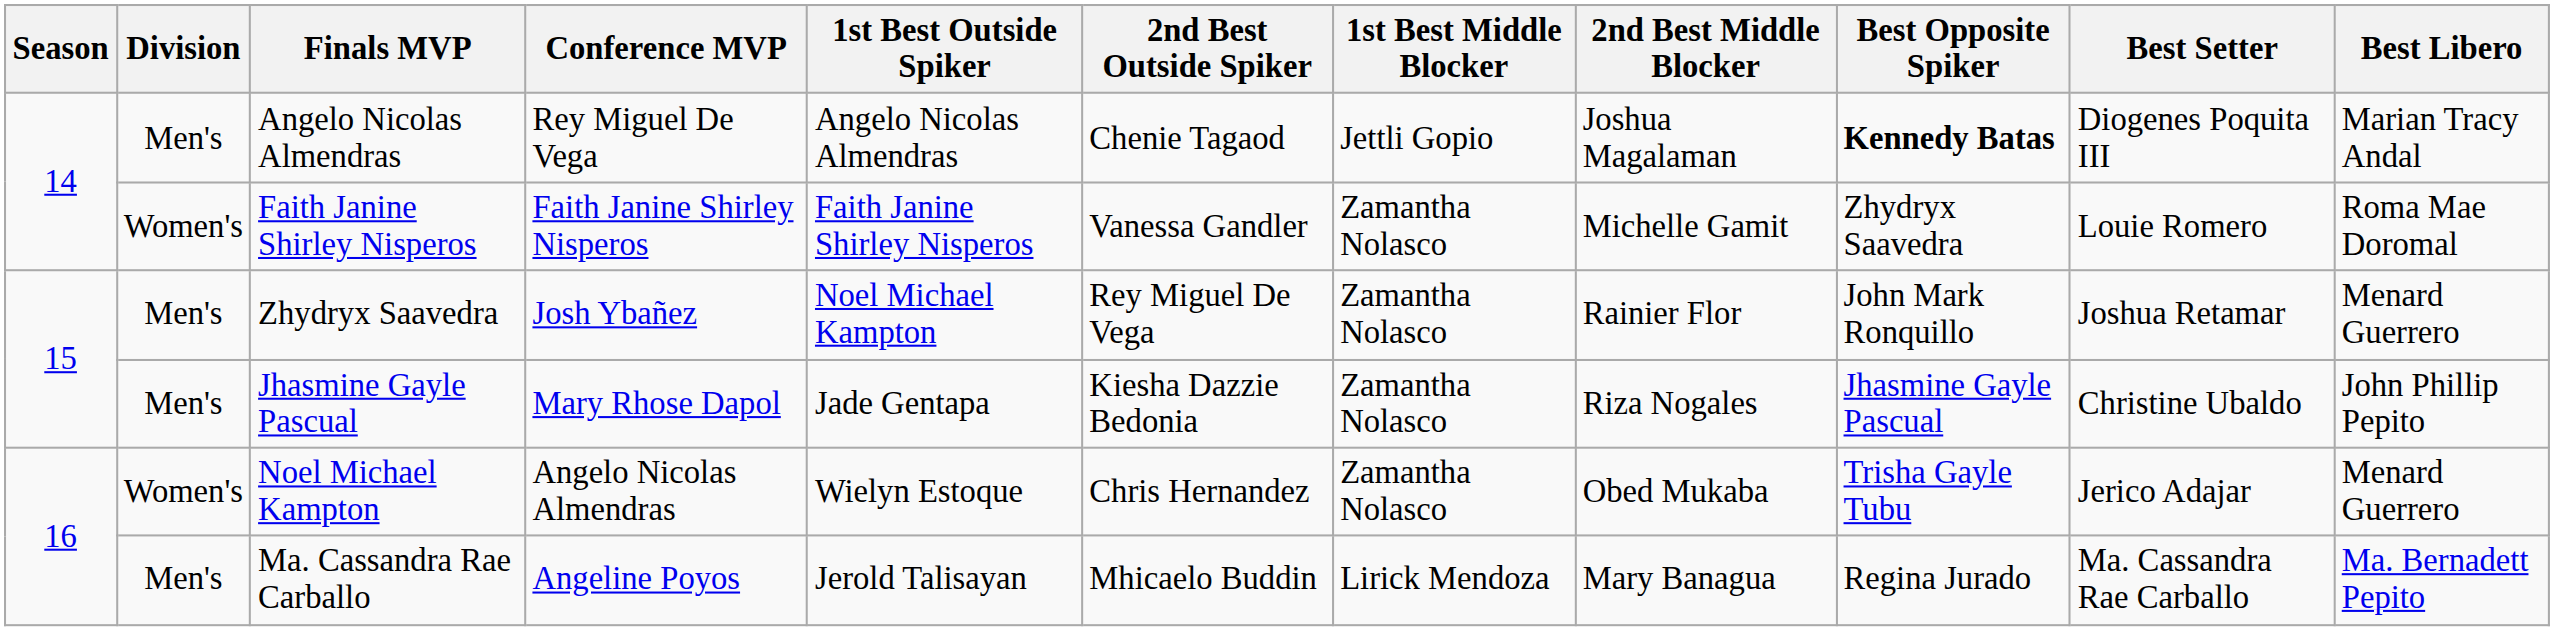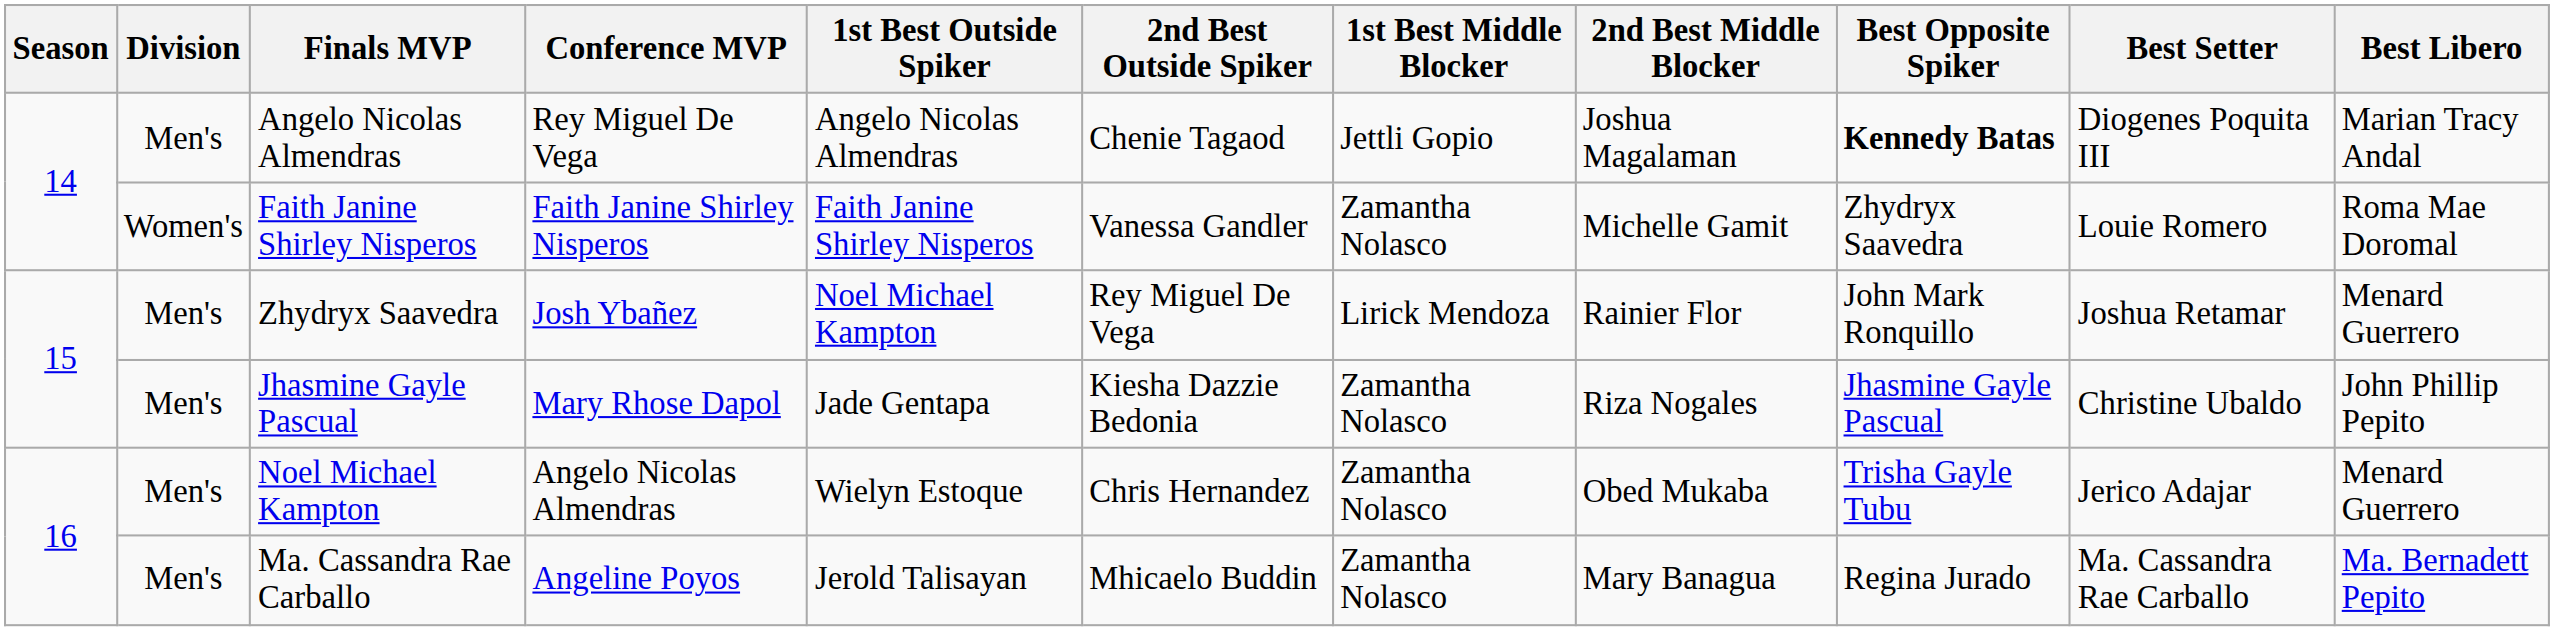 <table class="wikitable">
 <tr>
 <th>Season</th>
 <th>Division</th>
 <th>Finals MVP</th>
 <th>Conference MVP</th>
 <th>1st Best Outside Spiker</th>
 <th>2nd Best Outside Spiker</th>
 <th>1st Best Middle Blocker</th>
 <th>2nd Best Middle Blocker</th>
 <th>Best Opposite Spiker</th>
 <th>Best Setter</th>
 <th>Best Libero</th>
 </tr>
 <tr>
 <td align=center rowspan=2><a href='#'>14</a></td>
 <td align=center>Men's</td>
 <td> Angelo Nicolas Almendras</td>
 <td> Rey Miguel De Vega</td>
 <td> Angelo Nicolas Almendras</td>
 <td> Chenie Tagaod</td>
 <td> Jettli Gopio</td>
 <td> Joshua Magalaman</td>
 <td><strong> Kennedy Batas</strong></td>
 <td> Diogenes Poquita III</td>
 <td> Marian Tracy Andal</td>
 </tr>
 <tr>
 <td align=center>Women's</td>
 <td> <a href='#'>Faith Janine Shirley Nisperos</a></td>
 <td> <a href='#'>Faith Janine Shirley Nisperos</a></td>
 <td> <a href='#'>Faith Janine Shirley Nisperos</a></td>
 <td> Vanessa Gandler</td>
 <td> Zamantha Nolasco</td>
 <td> Michelle Gamit</td>
 <td> Zhydryx Saavedra</td>
 <td> Louie Romero</td>
 <td> Roma Mae Doromal</td>
 </tr>
 <tr>
 <td align=center rowspan=2><a href='#'>15</a></td>
 <td align=center>Men's</td>
 <td> Zhydryx Saavedra</td>
 <td> <a href='#'>Josh Ybañez</a></td>
 <td> <a href='#'>Noel Michael Kampton</a></td>
 <td> Rey Miguel De Vega</td>
-<td> Zamantha Nolasco</td>
+<td> Lirick Mendoza</td>
 <td> Rainier Flor</td>
 <td> John Mark Ronquillo</td>
 <td> Joshua Retamar</td>
 <td> Menard Guerrero</td>
 </tr>
 <tr>
 <td align=center>Men's</td>
 <td> <a href='#'>Jhasmine Gayle Pascual</a></td>
 <td> <a href='#'>Mary Rhose Dapol</a></td>
 <td> Jade Gentapa</td>
 <td> Kiesha Dazzie Bedonia</td>
 <td> Zamantha Nolasco</td>
 <td> Riza Nogales</td>
 <td> <a href='#'>Jhasmine Gayle Pascual</a></td>
 <td> Christine Ubaldo</td>
 <td> John Phillip Pepito</td>
 </tr>
 <tr>
 <td align=center rowspan=2><a href='#'>16</a></td>
-<td align=center>Women's</td>
+<td align=center>Men's</td>
 <td> <a href='#'>Noel Michael Kampton</a></td>
 <td> Angelo Nicolas Almendras</td>
 <td> Wielyn Estoque</td>
 <td> Chris Hernandez</td>
 <td> Zamantha Nolasco</td>
 <td> Obed Mukaba</td>
 <td> <a href='#'>Trisha Gayle Tubu</a></td>
 <td> Jerico Adajar</td>
 <td> Menard Guerrero</td>
 </tr>
 <tr>
 <td align=center>Men's</td>
 <td> Ma. Cassandra Rae Carballo</td>
 <td> <a href='#'>Angeline Poyos</a></td>
 <td> Jerold Talisayan</td>
 <td> Mhicaelo Buddin</td>
-<td> Lirick Mendoza</td>
+<td> Zamantha Nolasco</td>
 <td> Mary Banagua</td>
 <td> Regina Jurado</td>
 <td> Ma. Cassandra Rae Carballo</td>
 <td> <a href='#'>Ma. Bernadett Pepito</a></td>
 </tr>
 </table>
